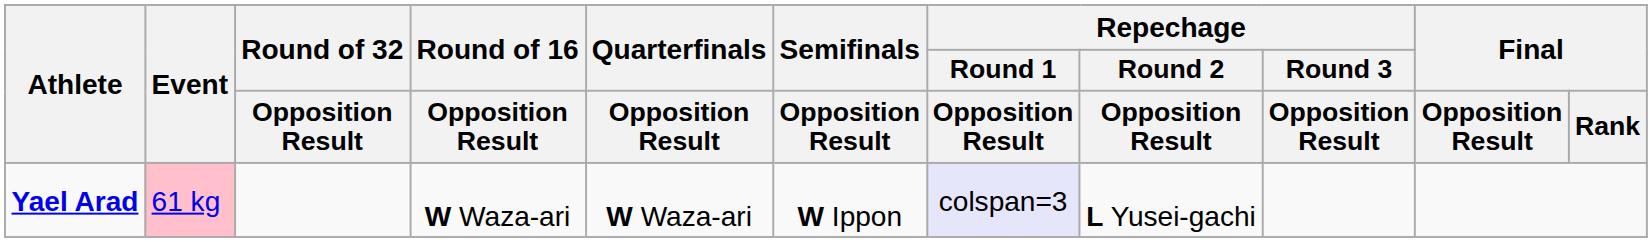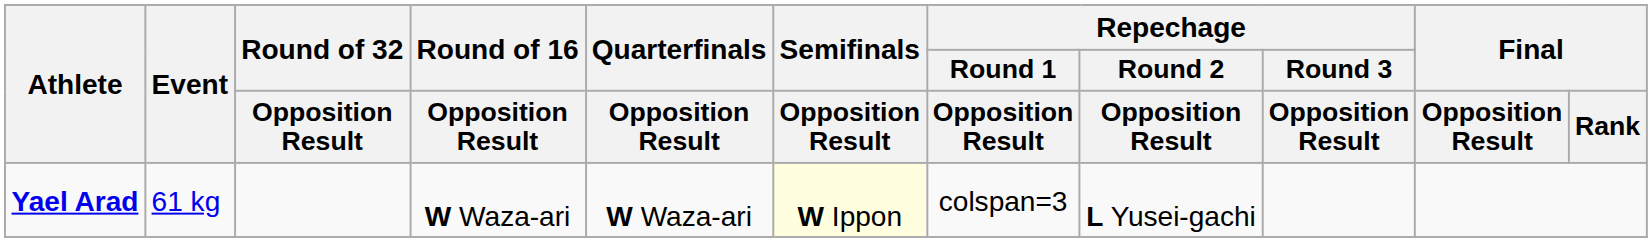 <table class="wikitable" style="font-size:90%">
 <tr>
 <th rowspan="3">Athlete</th>
 <th rowspan="3">Event</th>
 <th rowspan="2">Round of 32</th>
 <th rowspan="2">Round of 16</th>
 <th rowspan="2">Quarterfinals</th>
 <th rowspan="2">Semifinals</th>
 <th colspan=3>Repechage</th>
 <th rowspan="2" colspan=2>Final</th>
 </tr>
 <tr style="font-size:95%">
 <th>Round 1</th>
 <th>Round 2</th>
 <th>Round 3</th>
 </tr>
 <tr style="font-size:95%">
 <th>Opposition<br>Result</th>
 <th>Opposition<br>Result</th>
 <th>Opposition<br>Result</th>
 <th>Opposition<br>Result</th>
 <th>Opposition<br>Result</th>
 <th>Opposition<br>Result</th>
 <th>Opposition<br>Result</th>
 <th>Opposition<br>Result</th>
 <th>Rank</th>
 </tr>
 <tr align=center>
 <td align=left><strong><a href='#'>Yael Arad</a></strong></td>
-<td align=left style="background: pink;"><a href='#'>61 kg</a></td>
+<td align=left><a href='#'>61 kg</a></td>
 <td></td>
 <td><br><strong>W</strong> Waza-ari</td>
 <td><br><strong>W</strong> Waza-ari</td>
-<td><br><strong>W</strong> Ippon</td>
-<td style="background: lavender;">colspan=3</td>
+<td style="background: lightyellow;"><br><strong>W</strong> Ippon</td>
+<td>colspan=3</td>
 <td><br><strong>L</strong> Yusei-gachi</td>
 <td></td>
 </tr>
 </table>
